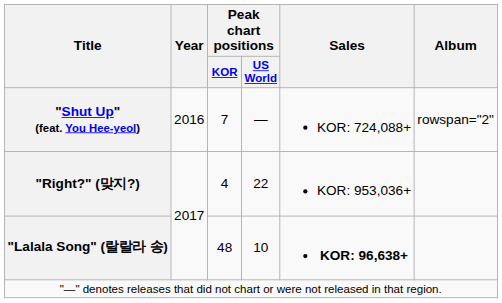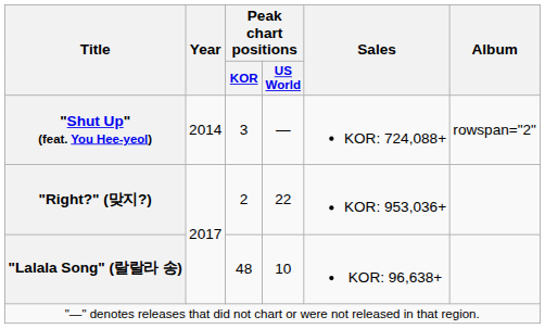 <table class="wikitable plainrowheaders" style="text-align:center">
 <tr>
 <th scope="col" rowspan="2">Title</th>
 <th scope="col" rowspan="2">Year</th>
 <th scope="col" colspan="2">Peak chart positions</th>
 <th scope="col" rowspan="2">Sales</th>
 <th scope="col" rowspan="2">Album</th>
 </tr>
 <tr>
 <th style="width:2.5em;font-size:85%"><a href='#'>KOR</a><br></th>
 <th style="width:2.5em;font-size:85%"><a href='#'>US World</a><br></th>
 </tr>
 <tr>
 <th scope="row">"<a href='#'>Shut Up</a>"<br><small>(feat. <a href='#'>You Hee-yeol</a>)</small></th>
-<td>2016</td>
-<td>7</td>
+<td>2014</td>
+<td>3</td>
 <td>—</td>
 <td><br><ul><li>KOR: 724,088+</li></ul></td>
 <td>rowspan="2" </td>
 </tr>
 <tr>
 <th scope="row">"Right?" (맞지?)</th>
 <td rowspan="2">2017</td>
-<td>4</td>
+<td>2</td>
 <td>22</td>
 <td><br><ul><li>KOR: 953,036+</li></ul></td>
 </tr>
 <tr>
 <th scope="row">"Lalala Song" (랄랄라 송)</th>
 <td>48</td>
 <td>10</td>
-<td><strong><br><ul><li>KOR: 96,638+</li></ul></strong></td>
+<td><br><ul><li>KOR: 96,638+</li></ul></td>
 <td></td>
 </tr>
 <tr>
 <td colspan="6" style="font-size:85%">"—" denotes releases that did not chart or were not released in that region.</td>
 </tr>
 </table>
